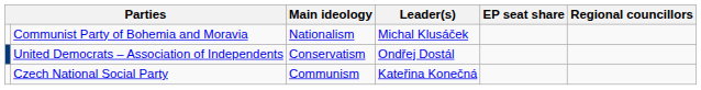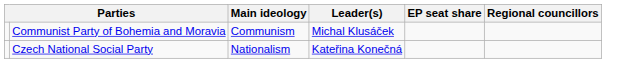 <table class="wikitable sortable" style="font-size:100%">
 <tr>
 <th colspan="2">Parties</th>
 <th>Main ideology</th>
 <th>Leader(s)</th>
 <th>EP seat share</th>
 <th>Regional councillors</th>
 </tr>
 <tr>
 <td></td>
 <td><a href='#'>Communist Party of Bohemia and Moravia</a></td>
-<td><a href='#'>Nationalism</a></td>
+<td><a href='#'>Communism</a></td>
 <td><a href='#'>Michal Klusáček</a></td>
-<td></td>
-<td></td>
-</tr>
-<tr>
-<td bgcolor="#00397C"></td>
-<td><a href='#'>United Democrats – Association of Independents</a></td>
-<td><a href='#'>Conservatism</a></td>
-<td><a href='#'>Ondřej Dostál</a></td>
 <td></td>
 <td></td>
 </tr>
 <tr>
 <td></td>
 <td><a href='#'>Czech National Social Party</a></td>
-<td><a href='#'>Communism</a></td>
+<td><a href='#'>Nationalism</a></td>
 <td><a href='#'>Kateřina Konečná</a></td>
 <td></td>
 <td></td>
 </tr>
 </table>
